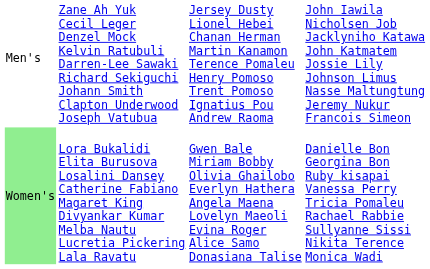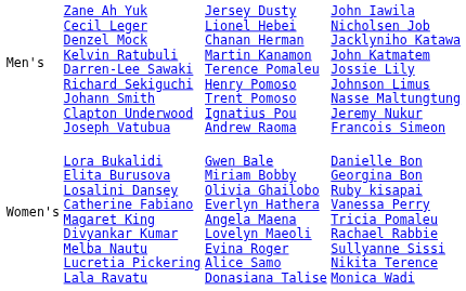 <table>
 <tr>
 <td>Men's<br></td>
 <td><br><a href='#'>Zane Ah Yuk</a><br><a href='#'>Cecil Leger</a><br><a href='#'>Denzel Mock</a><br><a href='#'>Kelvin Ratubuli</a><br><a href='#'>Darren-Lee Sawaki</a><br><a href='#'>Richard Sekiguchi</a><br><a href='#'>Johann Smith</a><br><a href='#'>Clapton Underwood</a><br><a href='#'>Joseph Vatubua</a></td>
 <td><br><a href='#'>Jersey Dusty</a><br><a href='#'>Lionel Hebei</a><br><a href='#'>Chanan Herman</a><br><a href='#'>Martin Kanamon</a><br><a href='#'>Terence Pomaleu</a><br><a href='#'>Henry Pomoso</a><br><a href='#'>Trent Pomoso</a><br><a href='#'>Ignatius Pou</a><br><a href='#'>Andrew Raoma</a></td>
 <td><br><a href='#'>John Iawila</a><br><a href='#'>Nicholsen Job</a><br><a href='#'>Jacklyniho Katawa</a><br><a href='#'>John Katmatem</a><br><a href='#'>Jossie Lily</a><br><a href='#'>Johnson Limus</a><br><a href='#'>Nasse Maltungtung</a><br><a href='#'>Jeremy Nukur</a><br><a href='#'>Francois Simeon</a></td>
 </tr>
 <tr>
-<td style="background: lightgreen;">Women's<br></td>
+<td>Women's<br></td>
 <td><br><a href='#'>Lora Bukalidi</a><br><a href='#'>Elita Burusova</a><br><a href='#'>Losalini Dansey</a><br><a href='#'>Catherine Fabiano</a><br><a href='#'>Magaret King</a><br><a href='#'>Divyankar Kumar</a><br><a href='#'>Melba Nautu</a><br><a href='#'>Lucretia Pickering</a><br><a href='#'>Lala Ravatu</a></td>
 <td><br><a href='#'>Gwen Bale</a><br><a href='#'>Miriam Bobby</a><br><a href='#'>Olivia Ghailobo</a><br><a href='#'>Everlyn Hathera</a><br><a href='#'>Angela Maena</a><br><a href='#'>Lovelyn Maeoli</a><br><a href='#'>Evina Roger</a><br><a href='#'>Alice Samo</a><br><a href='#'>Donasiana Talise</a></td>
 <td><br><a href='#'>Danielle Bon</a><br><a href='#'>Georgina Bon</a><br><a href='#'>Ruby kisapai</a><br><a href='#'>Vanessa Perry</a><br><a href='#'>Tricia Pomaleu</a><br><a href='#'>Rachael Rabbie</a><br><a href='#'>Sullyanne Sissi</a><br><a href='#'>Nikita Terence</a><br><a href='#'>Monica Wadi</a></td>
 </tr>
 </table>
